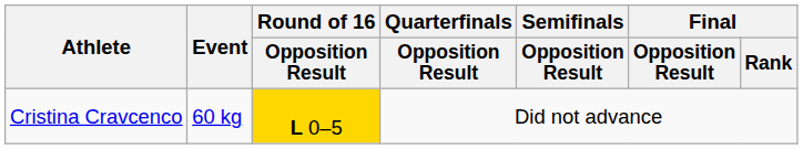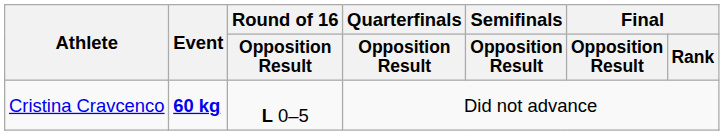 <table class="wikitable" style="text-align:center; font-size:90%">
 <tr>
 <th rowspan=2>Athlete</th>
 <th rowspan=2>Event</th>
 <th>Round of 16</th>
 <th>Quarterfinals</th>
 <th>Semifinals</th>
 <th colspan=2>Final</th>
 </tr>
 <tr style="font-size:95%">
 <th>Opposition<br>Result</th>
 <th>Opposition<br>Result</th>
 <th>Opposition<br>Result</th>
 <th>Opposition<br>Result</th>
 <th>Rank</th>
 </tr>
 <tr>
 <td align=left><a href='#'>Cristina Cravcenco</a></td>
-<td align=left><a href='#'>60 kg</a></td>
-<td style="background: gold;"><br> <strong>L</strong> 0–5</td>
+<td align=left><strong><a href='#'>60 kg</a></strong></td>
+<td><br> <strong>L</strong> 0–5</td>
 <td colspan=4>Did not advance</td>
 </tr>
 </table>
